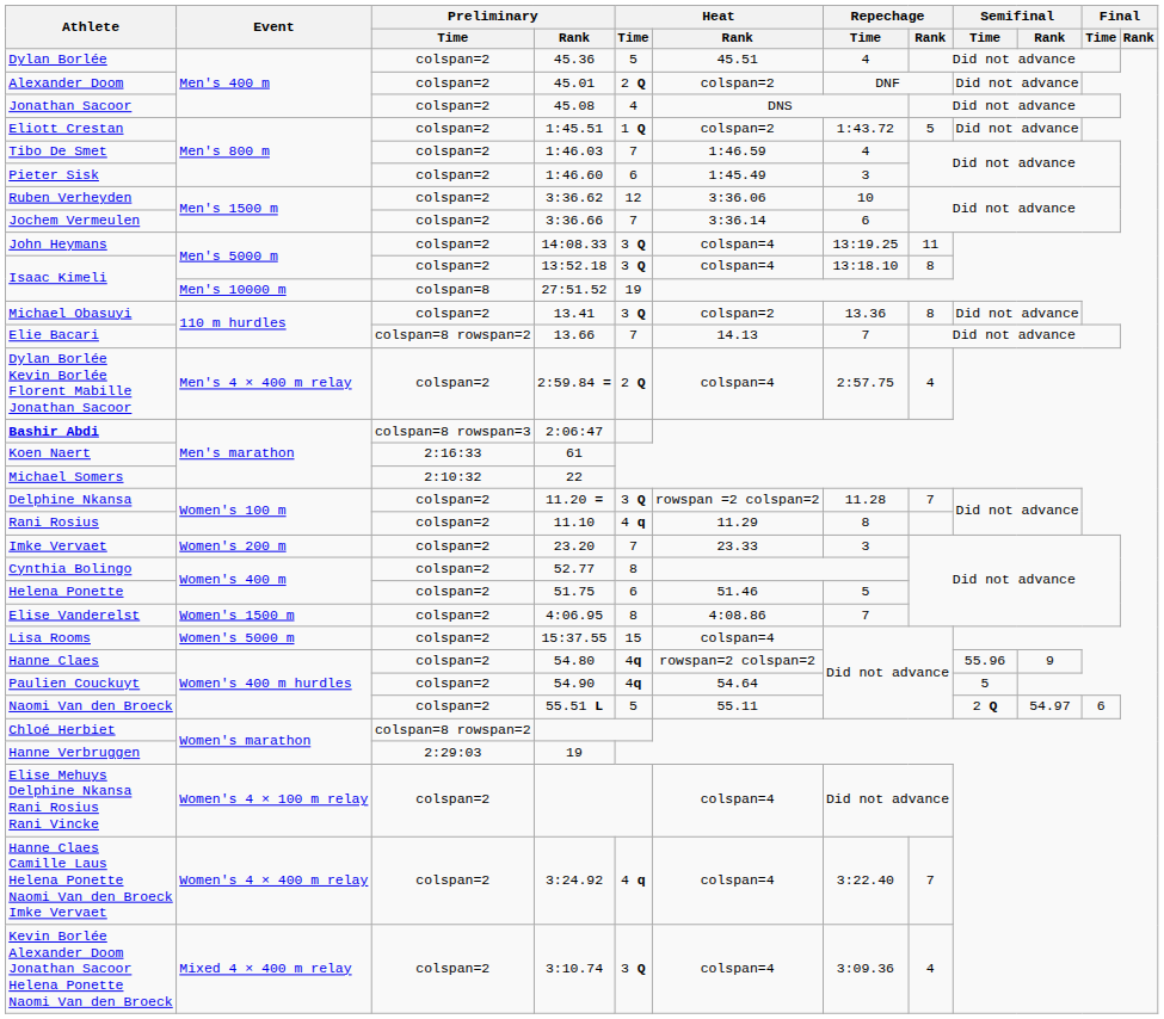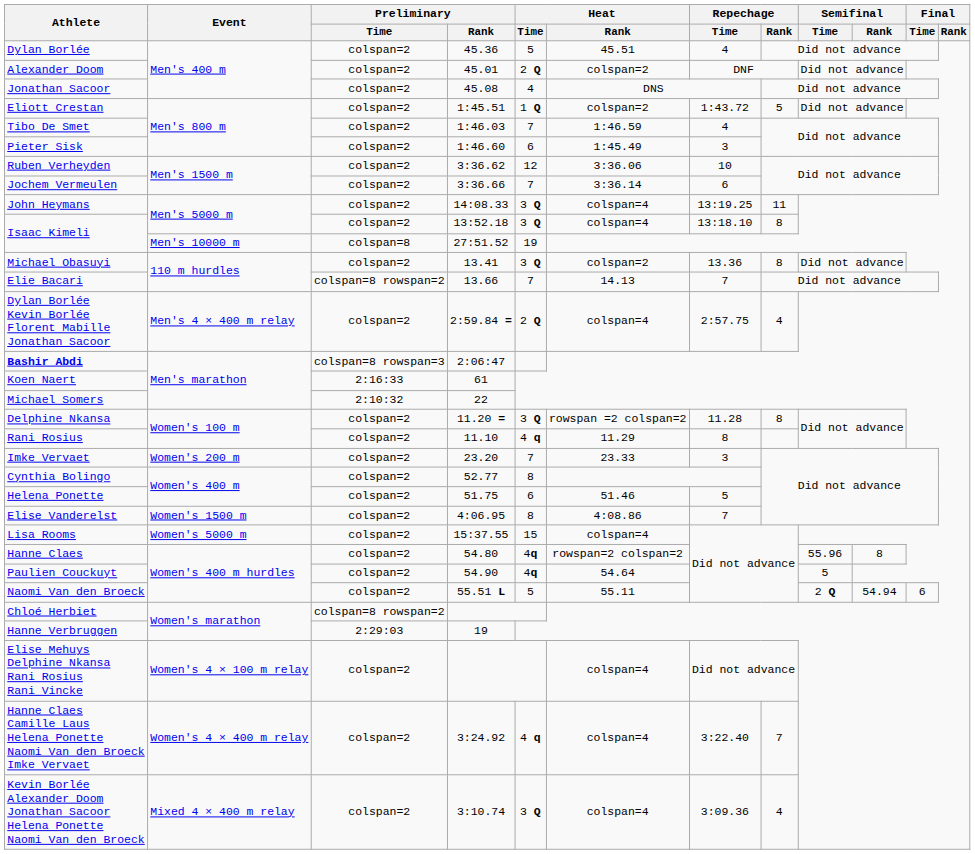 <table class="wikitable" style="font-size:90%">
 <tr>
 <th rowspan=2>Athlete</th>
 <th rowspan=2>Event</th>
 <th colspan=2>Preliminary</th>
 <th colspan=2>Heat</th>
 <th colspan=2>Repechage</th>
 <th colspan=2>Semifinal</th>
 <th colspan=2>Final</th>
 </tr>
 <tr style=font-size:95%>
 <th>Time</th>
 <th>Rank</th>
 <th>Time</th>
 <th>Rank</th>
 <th>Time</th>
 <th>Rank</th>
 <th>Time</th>
 <th>Rank</th>
 <th>Time</th>
 <th>Rank</th>
 </tr>
 <tr align=center>
 <td align=left><a href='#'>Dylan Borlée</a></td>
 <td align=left rowspan=3><a href='#'>Men's 400 m</a></td>
 <td>colspan=2 </td>
 <td>45.36</td>
 <td>5</td>
 <td>45.51</td>
 <td>4</td>
 <td colspan=4>Did not advance</td>
 </tr>
 <tr align=center>
 <td align=left><a href='#'>Alexander Doom</a></td>
 <td>colspan=2 </td>
 <td>45.01</td>
 <td>2 <strong>Q</strong></td>
 <td>colspan=2 </td>
 <td colspan=2>DNF</td>
 <td colspan=2>Did not advance</td>
 </tr>
 <tr align=center>
 <td align=left><a href='#'>Jonathan Sacoor</a></td>
 <td>colspan=2 </td>
 <td>45.08</td>
 <td>4</td>
 <td colspan=2>DNS</td>
 <td colspan=4>Did not advance</td>
 </tr>
 <tr align=center>
 <td align=left><a href='#'>Eliott Crestan</a></td>
 <td align=left rowspan=3><a href='#'>Men's 800 m</a></td>
 <td>colspan=2 </td>
 <td>1:45.51</td>
 <td>1 <strong>Q</strong></td>
 <td>colspan=2 </td>
 <td>1:43.72</td>
 <td>5</td>
 <td colspan=2>Did not advance</td>
 </tr>
 <tr align=center>
 <td align=left><a href='#'>Tibo De Smet</a></td>
 <td>colspan=2 </td>
 <td>1:46.03</td>
 <td>7</td>
 <td>1:46.59</td>
 <td>4</td>
 <td rowspan=2 colspan=4>Did not advance</td>
 </tr>
 <tr align=center>
 <td align=left><a href='#'>Pieter Sisk</a></td>
 <td>colspan=2 </td>
 <td>1:46.60</td>
 <td>6</td>
 <td>1:45.49</td>
 <td>3</td>
 </tr>
 <tr align=center>
 <td align=left><a href='#'>Ruben Verheyden</a></td>
 <td align=left rowspan=2><a href='#'>Men's 1500 m</a></td>
 <td>colspan=2 </td>
 <td>3:36.62</td>
 <td>12</td>
 <td>3:36.06</td>
 <td>10</td>
 <td rowspan=2 colspan=4>Did not advance</td>
 </tr>
 <tr align=center>
 <td align=left><a href='#'>Jochem Vermeulen</a></td>
 <td>colspan=2 </td>
 <td>3:36.66</td>
 <td>7</td>
 <td>3:36.14</td>
 <td>6</td>
 </tr>
 <tr align=center>
 <td align=left><a href='#'>John Heymans</a></td>
 <td align=left rowspan=2><a href='#'>Men's 5000 m</a></td>
 <td>colspan=2 </td>
 <td>14:08.33</td>
 <td>3 <strong>Q</strong></td>
 <td>colspan=4 </td>
 <td>13:19.25</td>
 <td>11</td>
 </tr>
 <tr align="center">
 <td align="left" rowspan=2><a href='#'>Isaac Kimeli</a></td>
 <td>colspan=2 </td>
 <td>13:52.18</td>
 <td>3 <strong>Q</strong></td>
 <td>colspan=4 </td>
 <td>13:18.10</td>
 <td>8</td>
 </tr>
 <tr align="center">
 <td align="left"><a href='#'>Men's 10000 m</a></td>
 <td>colspan=8 </td>
 <td>27:51.52</td>
 <td>19</td>
 </tr>
 <tr align=center>
 <td align="left"><a href='#'>Michael Obasuyi</a></td>
 <td align="left" rowspan=2><a href='#'>110 m hurdles</a></td>
 <td>colspan=2 </td>
 <td>13.41</td>
 <td>3 <strong>Q</strong></td>
 <td>colspan=2 </td>
 <td>13.36</td>
 <td>8</td>
 <td colspan=2>Did not advance</td>
 </tr>
 <tr align=center>
 <td align="left"><a href='#'>Elie Bacari</a></td>
 <td>colspan=8 rowspan=2 </td>
 <td>13.66</td>
 <td>7</td>
 <td>14.13</td>
 <td>7</td>
 <td colspan=4>Did not advance</td>
 </tr>
 <tr align=center>
 <td align=left><a href='#'>Dylan Borlée</a><br><a href='#'>Kevin Borlée</a><br><a href='#'>Florent Mabille</a><br><a href='#'>Jonathan Sacoor</a></td>
 <td align=left><a href='#'>Men's 4 × 400 m relay</a></td>
 <td>colspan=2 </td>
 <td>2:59.84 <strong>=</strong></td>
 <td>2 <strong>Q</strong></td>
 <td>colspan=4  </td>
 <td>2:57.75 <strong></strong></td>
 <td>4</td>
 </tr>
 <tr align=center>
 <td align=left><strong><a href='#'>Bashir Abdi</a></strong></td>
 <td align=left rowspan=3><a href='#'>Men's marathon</a></td>
 <td>colspan=8 rowspan=3 </td>
 <td>2:06:47 <strong></strong></td>
 <td></td>
 </tr>
 <tr align=center>
 <td align=left><a href='#'>Koen Naert</a></td>
 <td>2:16:33 <strong></strong></td>
 <td>61</td>
 </tr>
 <tr align=center>
 <td align=left><a href='#'>Michael Somers</a></td>
 <td>2:10:32</td>
 <td>22</td>
 </tr>
 <tr align=center>
 <td align=left><a href='#'>Delphine Nkansa</a></td>
 <td align=left rowspan=2><a href='#'>Women's 100 m</a></td>
 <td>colspan=2 </td>
 <td>11.20 <strong>=</strong></td>
 <td>3 <strong>Q</strong></td>
 <td>rowspan =2 colspan=2 </td>
 <td>11.28</td>
-<td>7</td>
+<td>8</td>
 <td rowspan=2 colspan=2>Did not advance</td>
 </tr>
 <tr align=center>
 <td align=left><a href='#'>Rani Rosius</a></td>
 <td>colspan=2 </td>
 <td>11.10 <strong></strong></td>
 <td>4 <strong>q</strong></td>
 <td>11.29</td>
 <td>8</td>
 </tr>
 <tr align=center>
 <td align=left><a href='#'>Imke Vervaet</a></td>
 <td align=left><a href='#'>Women's 200 m</a></td>
 <td>colspan=2 </td>
 <td>23.20</td>
 <td>7</td>
 <td>23.33</td>
 <td>3</td>
 <td rowspan=4 colspan=4>Did not advance</td>
 </tr>
 <tr align=center>
 <td align=left><a href='#'>Cynthia Bolingo</a></td>
 <td align=left rowspan=2><a href='#'>Women's 400 m</a></td>
 <td>colspan=2 </td>
 <td>52.77 <strong></strong></td>
 <td>8</td>
 <td colspan=2></td>
 </tr>
 <tr align=center>
 <td align=left><a href='#'>Helena Ponette</a></td>
 <td>colspan=2 </td>
 <td>51.75</td>
 <td>6</td>
 <td>51.46 <strong></strong></td>
 <td>5</td>
 </tr>
 <tr align=center>
 <td align=left><a href='#'>Elise Vanderelst</a></td>
 <td align=left><a href='#'>Women's 1500 m</a></td>
 <td>colspan=2 </td>
 <td>4:06.95</td>
 <td>8</td>
 <td>4:08.86</td>
 <td>7</td>
 </tr>
 <tr align="center">
 <td align="left"><a href='#'>Lisa Rooms</a></td>
 <td align=left><a href='#'>Women's 5000 m</a></td>
 <td>colspan=2 </td>
 <td>15:37.55</td>
 <td>15</td>
 <td>colspan=4 </td>
 <td rowspan=4 colspan=2>Did not advance</td>
 </tr>
 <tr align=center>
 <td align=left><a href='#'>Hanne Claes</a></td>
 <td align=left rowspan=3><a href='#'>Women's 400 m hurdles</a></td>
 <td>colspan=2 </td>
 <td>54.80 <strong></strong></td>
 <td>4<strong>q</strong></td>
 <td>rowspan=2 colspan=2 </td>
 <td>55.96</td>
-<td>9</td>
+<td>8</td>
 </tr>
 <tr align=center>
 <td align=left><a href='#'>Paulien Couckuyt</a></td>
 <td>colspan=2 </td>
 <td>54.90 <strong></strong></td>
 <td>4<strong>q</strong></td>
 <td>54.64 <strong></strong></td>
 <td>5</td>
 </tr>
 <tr align=center>
 <td align=left><a href='#'>Naomi Van den Broeck</a></td>
 <td>colspan=2 </td>
 <td>55.51 <strong>L</strong></td>
 <td>5</td>
 <td>55.11</td>
 <td>2 <strong>Q</strong></td>
-<td>54.97</td>
+<td>54.94</td>
 <td>6</td>
 </tr>
 <tr align=center>
 <td align=left><a href='#'>Chloé Herbiet</a></td>
 <td align=left rowspan=2><a href='#'>Women's marathon</a></td>
 <td>colspan=8 rowspan=2 </td>
 <td colspan=2></td>
 </tr>
 <tr align=center>
 <td align=left><a href='#'>Hanne Verbruggen</a></td>
 <td>2:29:03 <strong></strong></td>
 <td>19</td>
 </tr>
 <tr align=center>
 <td align=left><a href='#'>Elise Mehuys</a><br><a href='#'>Delphine Nkansa</a><br><a href='#'>Rani Rosius</a><br><a href='#'>Rani Vincke</a></td>
 <td align=left><a href='#'>Women's 4 × 100 m relay</a></td>
 <td>colspan=2 </td>
 <td colspan=2></td>
 <td>colspan=4  </td>
 <td colspan=2>Did not advance</td>
 </tr>
 <tr align=center>
 <td align=left><a href='#'>Hanne Claes</a><br><a href='#'>Camille Laus</a><br><a href='#'>Helena Ponette</a><br><a href='#'>Naomi Van den Broeck</a><br><a href='#'>Imke Vervaet</a></td>
 <td align=left><a href='#'>Women's 4 × 400 m relay</a></td>
 <td>colspan=2 </td>
 <td>3:24.92</td>
 <td>4 <strong>q</strong></td>
 <td>colspan=4  </td>
 <td>3:22.40 <strong></strong></td>
 <td>7</td>
 </tr>
 <tr align=center>
 <td align=left><a href='#'>Kevin Borlée</a><br><a href='#'>Alexander Doom</a><br><a href='#'>Jonathan Sacoor</a><br><a href='#'>Helena Ponette</a><br><a href='#'>Naomi Van den Broeck</a></td>
 <td align=left><a href='#'>Mixed 4 × 400 m relay</a></td>
 <td>colspan=2 </td>
 <td>3:10.74 <strong></strong></td>
 <td>3 <strong>Q</strong></td>
 <td>colspan=4  </td>
 <td>3:09.36 <strong></strong></td>
 <td>4</td>
 </tr>
 </table>
